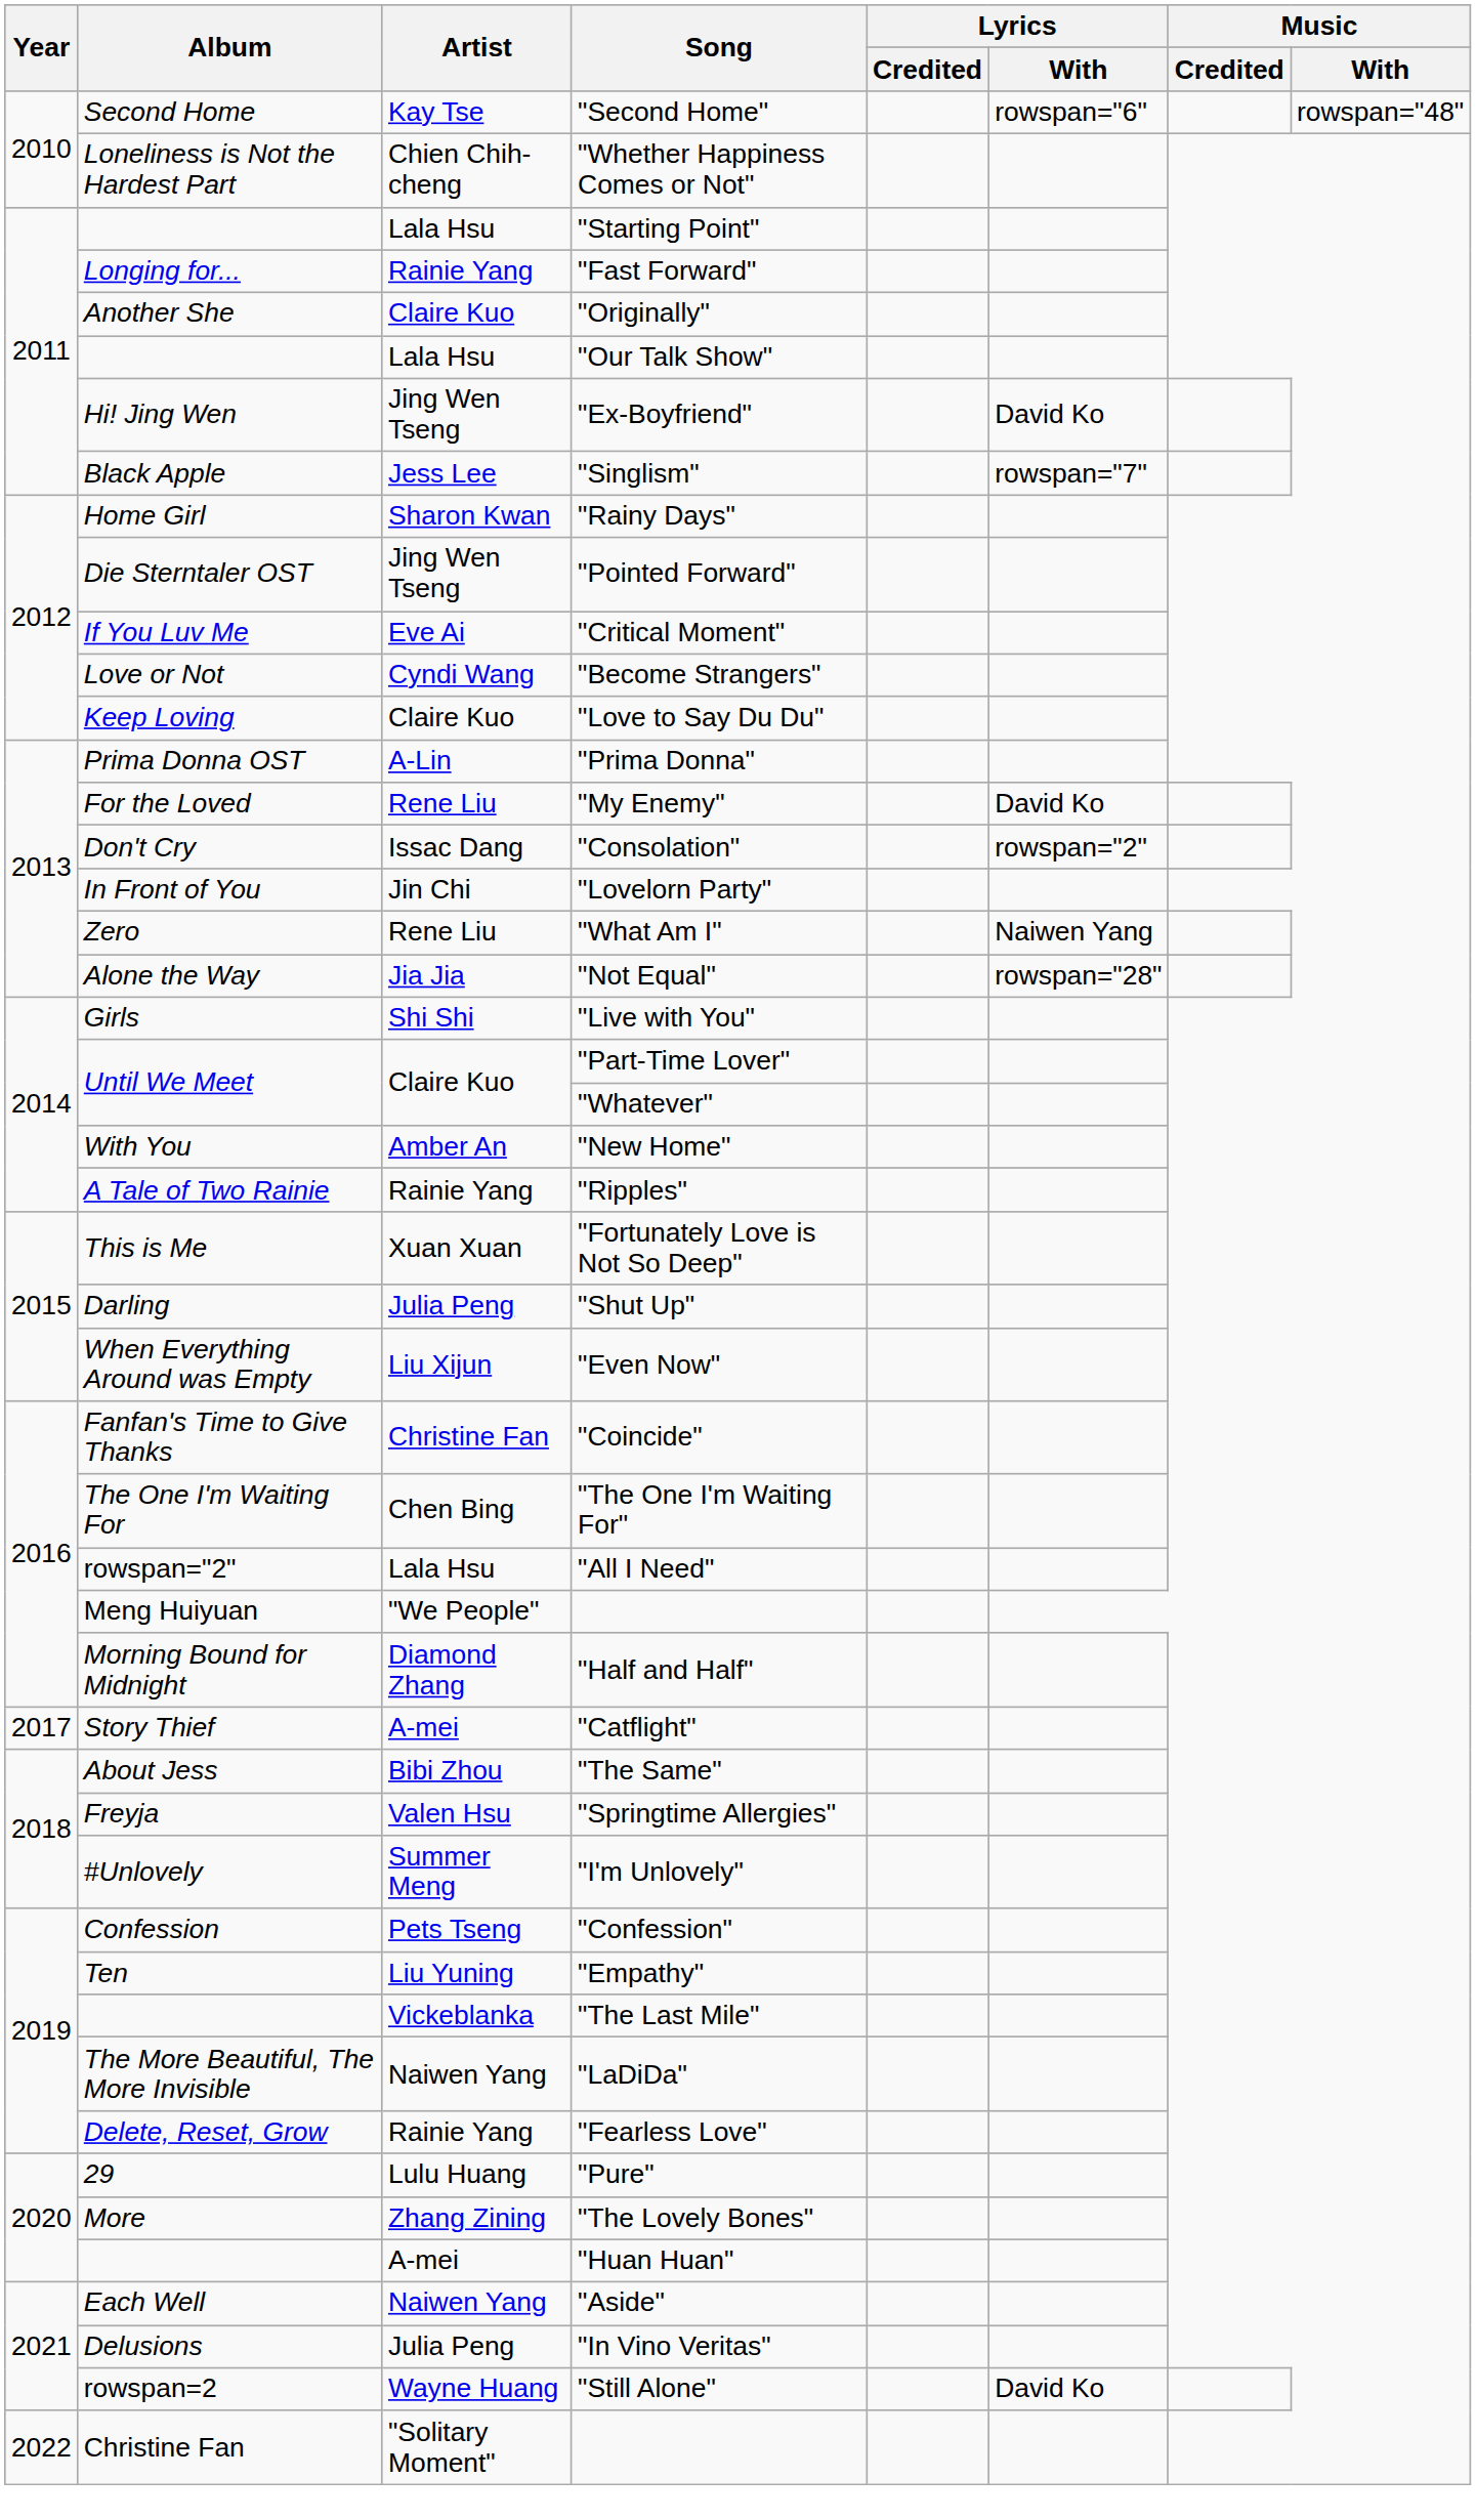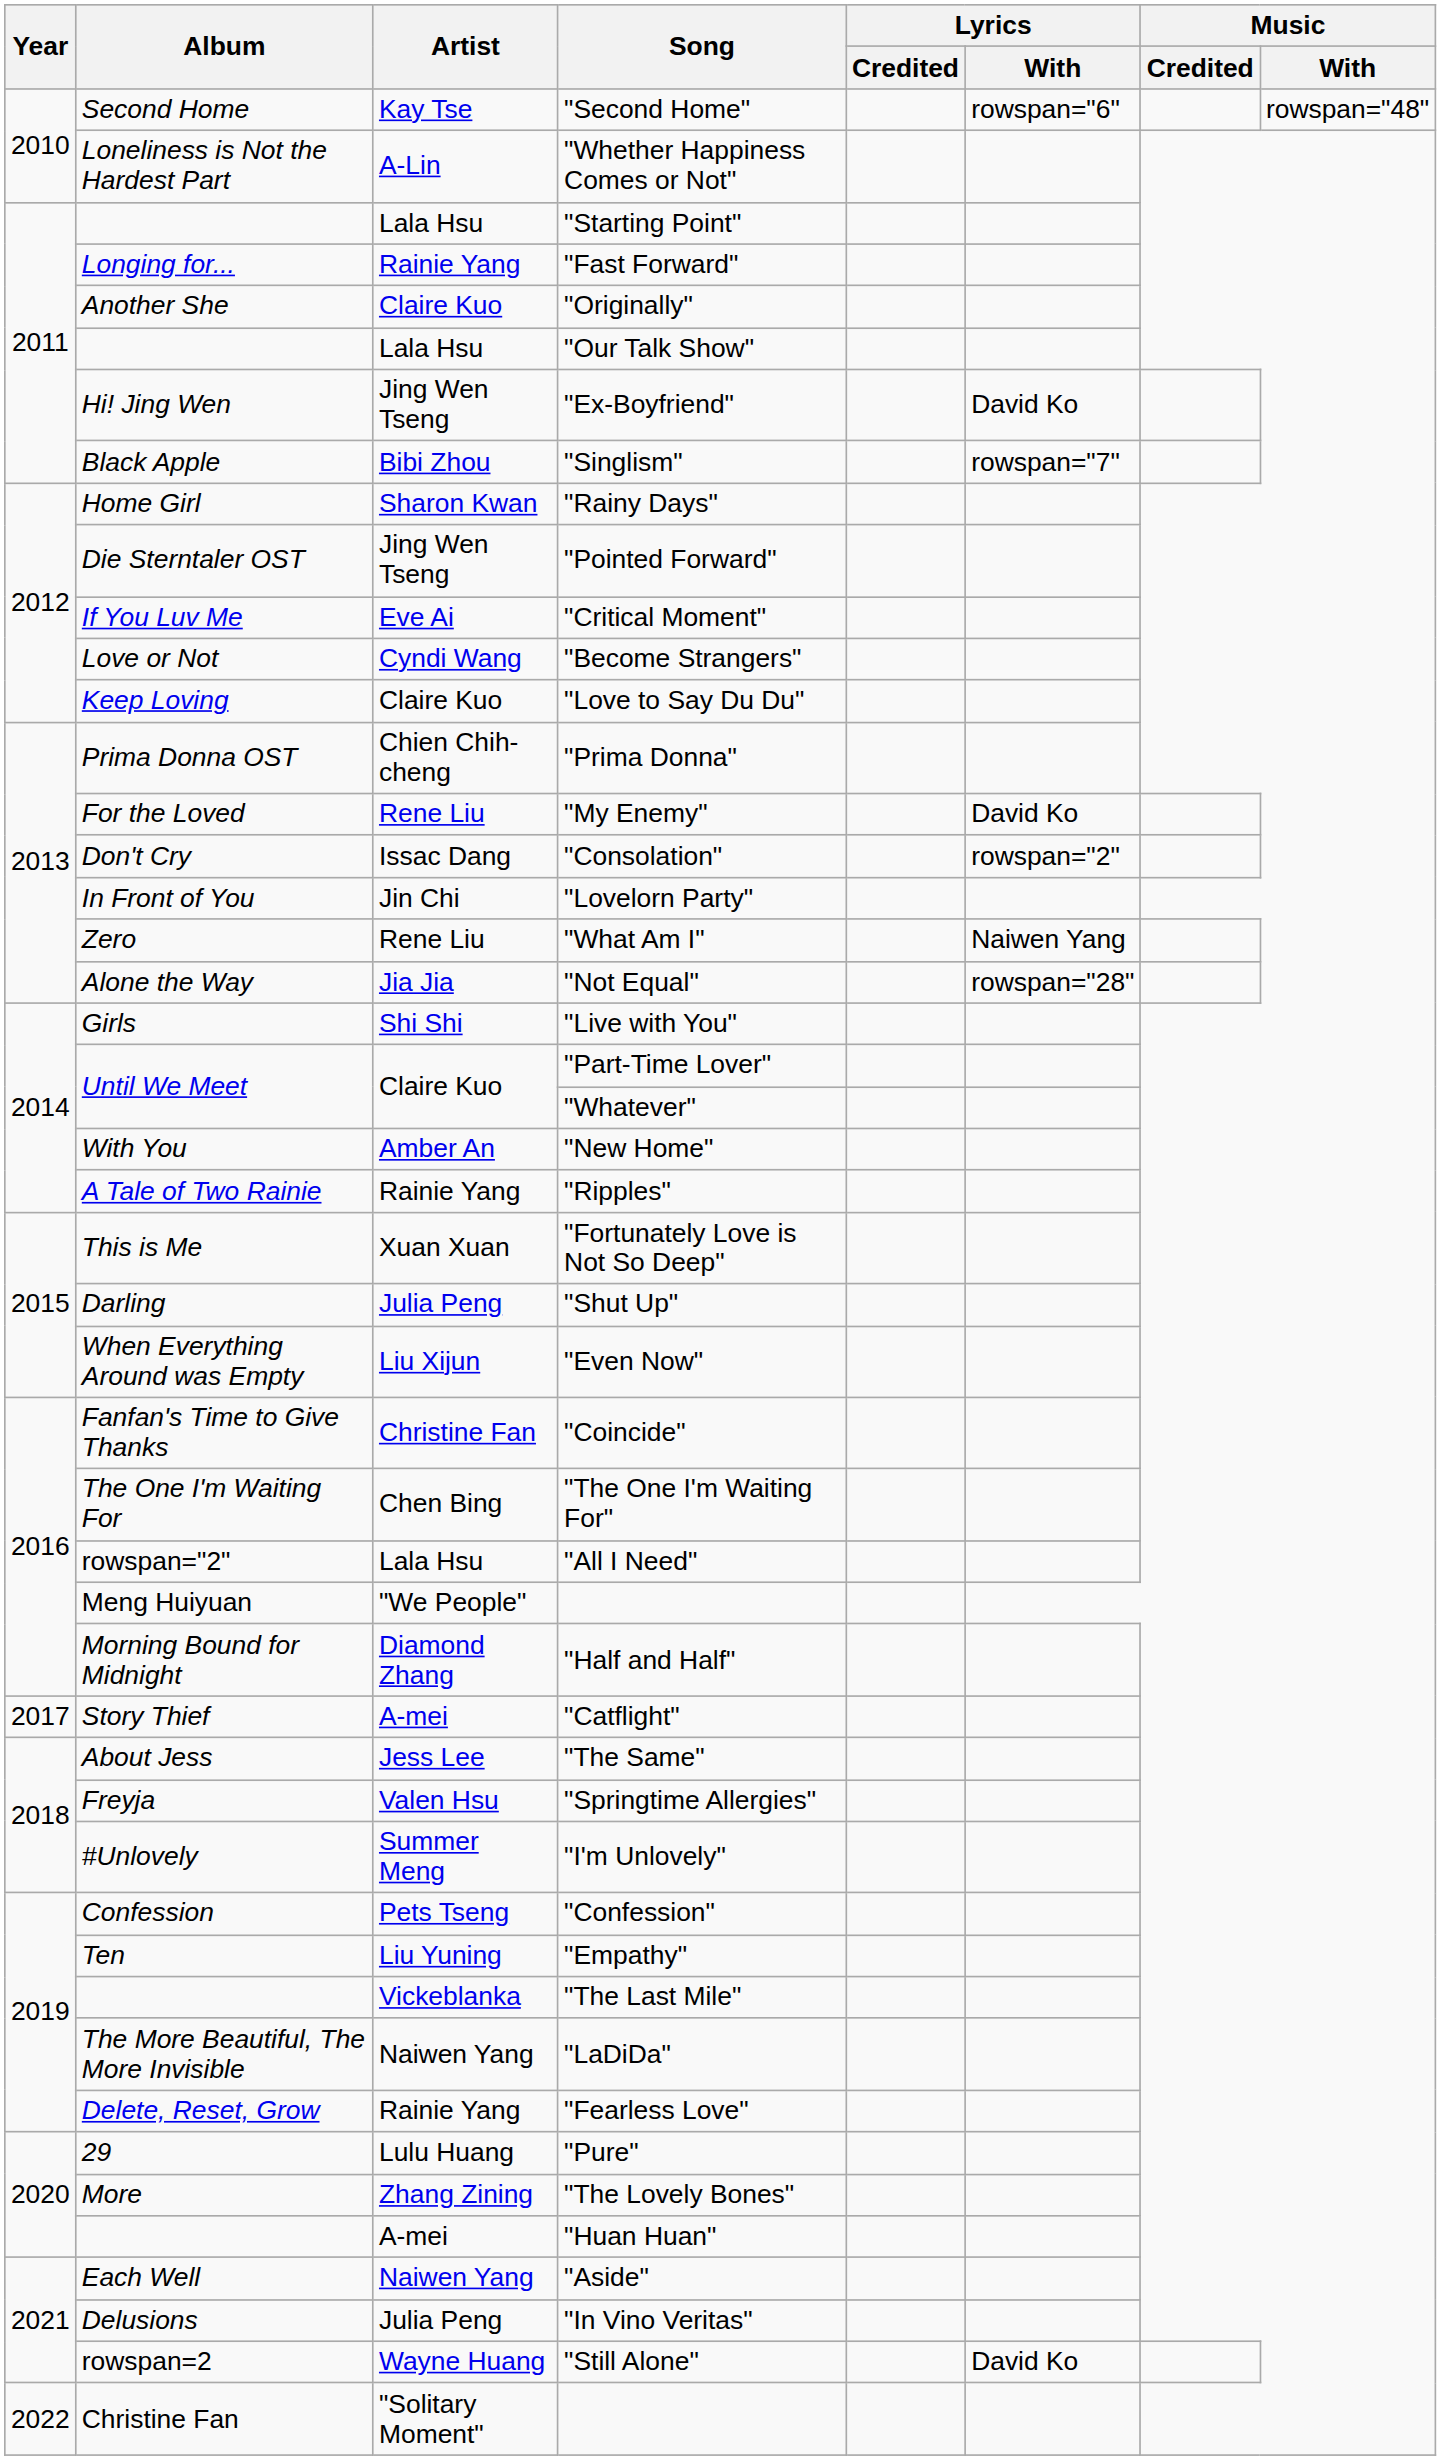 <table class="wikitable">
 <tr>
 <th rowspan="2">Year</th>
 <th rowspan="2">Album</th>
 <th rowspan="2">Artist</th>
 <th rowspan="2">Song</th>
 <th colspan="2">Lyrics</th>
 <th colspan="2">Music</th>
 </tr>
 <tr>
 <th>Credited</th>
 <th>With</th>
 <th>Credited</th>
 <th>With</th>
 </tr>
 <tr>
 <td rowspan="2" style="text-align:center;">2010</td>
 <td><em>Second Home</em></td>
 <td><a href='#'>Kay Tse</a></td>
 <td>"Second Home"</td>
 <td></td>
 <td>rowspan="6" </td>
 <td></td>
 <td>rowspan="48" </td>
 </tr>
 <tr>
 <td><em>Loneliness is Not the Hardest Part</em></td>
-<td>Chien Chih-cheng</td>
+<td><a href='#'>A-Lin</a></td>
 <td>"Whether Happiness Comes or Not"</td>
 <td></td>
 <td></td>
 </tr>
 <tr>
 <td rowspan="6" style="text-align:center;">2011</td>
 <td></td>
 <td>Lala Hsu</td>
 <td>"Starting Point"</td>
 <td></td>
 <td></td>
 </tr>
 <tr>
 <td><em><a href='#'>Longing for...</a></em></td>
 <td><a href='#'>Rainie Yang</a></td>
 <td>"Fast Forward"</td>
 <td></td>
 <td></td>
 </tr>
 <tr>
 <td><em>Another She</em></td>
 <td><a href='#'>Claire Kuo</a></td>
 <td>"Originally"</td>
 <td></td>
 <td></td>
 </tr>
 <tr>
 <td></td>
 <td>Lala Hsu</td>
 <td>"Our Talk Show"</td>
 <td></td>
 <td></td>
 </tr>
 <tr>
 <td><em>Hi! Jing Wen</em></td>
 <td>Jing Wen Tseng</td>
 <td>"Ex-Boyfriend"</td>
 <td></td>
 <td>David Ko</td>
 <td></td>
 </tr>
 <tr>
 <td><em>Black Apple</em></td>
-<td><a href='#'>Jess Lee</a></td>
+<td><a href='#'>Bibi Zhou</a></td>
 <td>"Singlism"</td>
 <td></td>
 <td>rowspan="7" </td>
 <td></td>
 </tr>
 <tr>
 <td rowspan="5" style="text-align:center;">2012</td>
 <td><em>Home Girl</em></td>
 <td><a href='#'>Sharon Kwan</a></td>
 <td>"Rainy Days"</td>
 <td></td>
 <td></td>
 </tr>
 <tr>
 <td><em>Die Sterntaler OST</em></td>
 <td>Jing Wen Tseng</td>
 <td>"Pointed Forward"</td>
 <td></td>
 <td></td>
 </tr>
 <tr>
 <td><em><a href='#'>If You Luv Me</a></em></td>
 <td><a href='#'>Eve Ai</a></td>
 <td>"Critical Moment"</td>
 <td></td>
 <td></td>
 </tr>
 <tr>
 <td><em>Love or Not</em></td>
 <td><a href='#'>Cyndi Wang</a></td>
 <td>"Become Strangers"</td>
 <td></td>
 <td></td>
 </tr>
 <tr>
 <td><em><a href='#'>Keep Loving</a></em></td>
 <td>Claire Kuo</td>
 <td>"Love to Say Du Du"</td>
 <td></td>
 <td></td>
 </tr>
 <tr>
 <td rowspan="6" style="text-align:center;">2013</td>
 <td><em>Prima Donna OST</em></td>
-<td><a href='#'>A-Lin</a></td>
+<td>Chien Chih-cheng</td>
 <td>"Prima Donna"</td>
 <td></td>
 <td></td>
 </tr>
 <tr>
 <td><em>For the Loved</em></td>
 <td><a href='#'>Rene Liu</a></td>
 <td>"My Enemy"</td>
 <td></td>
 <td>David Ko</td>
 <td></td>
 </tr>
 <tr>
 <td><em>Don't Cry</em></td>
 <td>Issac Dang</td>
 <td>"Consolation"</td>
 <td></td>
 <td>rowspan="2" </td>
 <td></td>
 </tr>
 <tr>
 <td><em>In Front of You</em></td>
 <td>Jin Chi</td>
 <td>"Lovelorn Party"</td>
 <td></td>
 <td></td>
 </tr>
 <tr>
 <td><em>Zero</em></td>
 <td>Rene Liu</td>
 <td>"What Am I"</td>
 <td></td>
 <td>Naiwen Yang</td>
 <td></td>
 </tr>
 <tr>
 <td><em>Alone the Way</em></td>
 <td><a href='#'>Jia Jia</a></td>
 <td>"Not Equal"</td>
 <td></td>
 <td>rowspan="28" </td>
 <td></td>
 </tr>
 <tr>
 <td rowspan="5" style="text-align:center;">2014</td>
 <td><em>Girls</em></td>
 <td><a href='#'>Shi Shi</a></td>
 <td>"Live with You"</td>
 <td></td>
 <td></td>
 </tr>
 <tr>
 <td rowspan="2"><em><a href='#'>Until We Meet</a></em></td>
 <td rowspan="2">Claire Kuo</td>
 <td>"Part-Time Lover"</td>
 <td></td>
 <td></td>
 </tr>
 <tr>
 <td>"Whatever"</td>
 <td></td>
 <td></td>
 </tr>
 <tr>
 <td><em>With You</em></td>
 <td><a href='#'>Amber An</a></td>
 <td>"New Home"</td>
 <td></td>
 <td></td>
 </tr>
 <tr>
 <td><em><a href='#'>A Tale of Two Rainie</a></em></td>
 <td>Rainie Yang</td>
 <td>"Ripples"</td>
 <td></td>
 <td></td>
 </tr>
 <tr>
 <td rowspan="3" style="text-align:center;">2015</td>
 <td><em>This is Me</em></td>
 <td>Xuan Xuan</td>
 <td>"Fortunately Love is Not So Deep"</td>
 <td></td>
 <td></td>
 </tr>
 <tr>
 <td><em>Darling</em></td>
 <td><a href='#'>Julia Peng</a></td>
 <td>"Shut Up"</td>
 <td></td>
 <td></td>
 </tr>
 <tr>
 <td><em>When Everything Around was Empty</em></td>
 <td><a href='#'>Liu Xijun</a></td>
 <td>"Even Now"</td>
 <td></td>
 <td></td>
 </tr>
 <tr>
 <td rowspan="5" style="text-align:center;">2016</td>
 <td><em>Fanfan's Time to Give Thanks</em></td>
 <td><a href='#'>Christine Fan</a></td>
 <td>"Coincide"</td>
 <td></td>
 <td></td>
 </tr>
 <tr>
 <td><em>The One I'm Waiting For</em></td>
 <td>Chen Bing</td>
 <td>"The One I'm Waiting For"</td>
 <td></td>
 <td></td>
 </tr>
 <tr>
 <td>rowspan="2" </td>
 <td>Lala Hsu</td>
 <td>"All I Need"</td>
 <td></td>
 <td></td>
 </tr>
 <tr>
 <td>Meng Huiyuan</td>
 <td>"We People"</td>
 <td></td>
 <td></td>
 </tr>
 <tr>
 <td><em>Morning Bound for Midnight</em></td>
 <td><a href='#'>Diamond Zhang</a></td>
 <td>"Half and Half"</td>
 <td></td>
 <td></td>
 </tr>
 <tr>
 <td style="text-align:center;">2017</td>
 <td><em>Story Thief</em></td>
 <td><a href='#'>A-mei</a></td>
 <td>"Catflight"</td>
 <td></td>
 <td></td>
 </tr>
 <tr>
 <td rowspan="3" style="text-align:center;">2018</td>
 <td><em>About Jess</em></td>
-<td><a href='#'>Bibi Zhou</a></td>
+<td><a href='#'>Jess Lee</a></td>
 <td>"The Same"</td>
 <td></td>
 <td></td>
 </tr>
 <tr>
 <td><em>Freyja</em></td>
 <td><a href='#'>Valen Hsu</a></td>
 <td>"Springtime Allergies"</td>
 <td></td>
 <td></td>
 </tr>
 <tr>
 <td><em>#Unlovely</em></td>
 <td><a href='#'>Summer Meng</a></td>
 <td>"I'm Unlovely"</td>
 <td></td>
 <td></td>
 </tr>
 <tr>
 <td rowspan="5" style="text-align:center;">2019</td>
 <td><em>Confession</em></td>
 <td><a href='#'>Pets Tseng</a></td>
 <td>"Confession"</td>
 <td></td>
 <td></td>
 </tr>
 <tr>
 <td><em>Ten</em></td>
 <td><a href='#'>Liu Yuning</a></td>
 <td>"Empathy"</td>
 <td></td>
 <td></td>
 </tr>
 <tr>
 <td></td>
 <td><a href='#'>Vickeblanka</a></td>
 <td>"The Last Mile"</td>
 <td></td>
 <td></td>
 </tr>
 <tr>
 <td><em>The More Beautiful, The More Invisible</em></td>
 <td>Naiwen Yang</td>
 <td>"LaDiDa"</td>
 <td></td>
 <td></td>
 </tr>
 <tr>
 <td><em><a href='#'>Delete, Reset, Grow</a></em></td>
 <td>Rainie Yang</td>
 <td>"Fearless Love"</td>
 <td></td>
 <td></td>
 </tr>
 <tr>
 <td rowspan="3" style="text-align:center;">2020</td>
 <td><em>29</em></td>
 <td>Lulu Huang</td>
 <td>"Pure"</td>
 <td></td>
 <td></td>
 </tr>
 <tr>
 <td><em>More</em></td>
 <td><a href='#'>Zhang Zining</a></td>
 <td>"The Lovely Bones"</td>
 <td></td>
 <td></td>
 </tr>
 <tr>
 <td></td>
 <td>A-mei</td>
 <td>"Huan Huan"</td>
 <td></td>
 <td></td>
 </tr>
 <tr>
 <td rowspan="3" style="text-align:center;">2021</td>
 <td><em>Each Well</em></td>
 <td><a href='#'>Naiwen Yang</a></td>
 <td>"Aside"</td>
 <td></td>
 <td></td>
 </tr>
 <tr>
 <td><em>Delusions</em></td>
 <td>Julia Peng</td>
 <td>"In Vino Veritas"</td>
 <td></td>
 <td></td>
 </tr>
 <tr>
 <td>rowspan=2 </td>
 <td><a href='#'>Wayne Huang</a></td>
 <td>"Still Alone"</td>
 <td></td>
 <td>David Ko</td>
 <td></td>
 </tr>
 <tr>
 <td style="text-align:center;">2022</td>
 <td>Christine Fan</td>
 <td>"Solitary Moment"</td>
 <td></td>
 <td></td>
 <td></td>
 </tr>
 </table>
